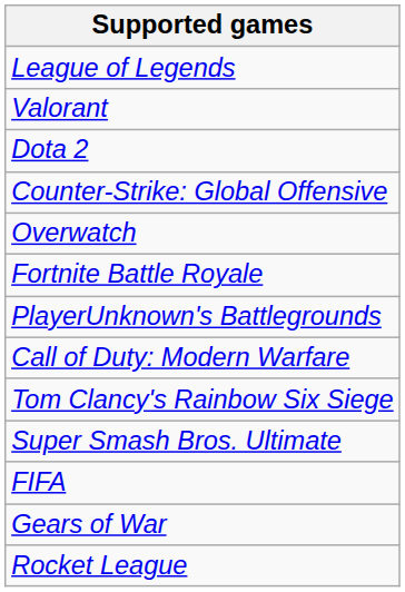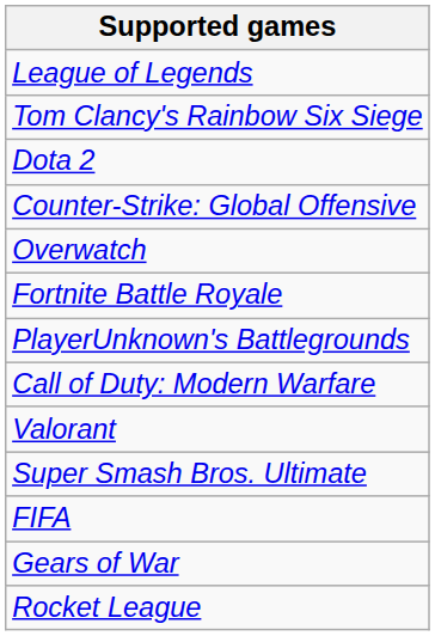 <table class="wikitable sortable mw-collapsible">
 <tr>
 <th>Supported games</th>
 </tr>
 <tr>
 <td><em><a href='#'>League of Legends</a></em></td>
 </tr>
 <tr>
-<td><em><a href='#'>Valorant</a></em></td>
+<td><em><a href='#'>Tom Clancy's Rainbow Six Siege</a></em></td>
 </tr>
 <tr>
 <td><em><a href='#'>Dota 2</a></em></td>
 </tr>
 <tr>
 <td><em><a href='#'>Counter-Strike: Global Offensive</a></em></td>
 </tr>
 <tr>
 <td><em><a href='#'>Overwatch</a></em></td>
 </tr>
 <tr>
 <td><em><a href='#'>Fortnite Battle Royale</a></em></td>
 </tr>
 <tr>
 <td><em><a href='#'>PlayerUnknown's Battlegrounds</a></em></td>
 </tr>
 <tr>
 <td><em><a href='#'>Call of Duty: Modern Warfare</a></em></td>
 </tr>
 <tr>
-<td><em><a href='#'>Tom Clancy's Rainbow Six Siege</a></em></td>
+<td><em><a href='#'>Valorant</a></em></td>
 </tr>
 <tr>
 <td><em><a href='#'>Super Smash Bros. Ultimate</a></em></td>
 </tr>
 <tr>
 <td><em><a href='#'>FIFA</a></em></td>
 </tr>
 <tr>
 <td><em><a href='#'>Gears of War</a></em></td>
 </tr>
 <tr>
 <td><em><a href='#'>Rocket League</a></em></td>
 </tr>
 </table>
